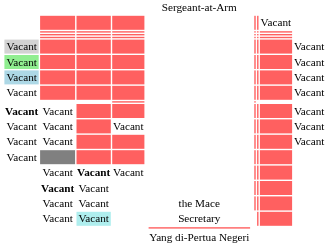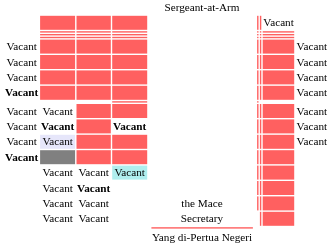 <table style="font-size:100%; text-align:center;">
 <tr>
 <td></td>
 <td></td>
 <td></td>
 <td></td>
 <td></td>
 <td colspan="2">Sergeant-at-Arm</td>
 <td></td>
 <td></td>
 <td></td>
 <td></td>
 <td></td>
 </tr>
 <tr>
 <td></td>
 <td bgcolor="#FF6060"></td>
 <td bgcolor="#FF6060"></td>
 <td bgcolor="#FF6060"></td>
 <td></td>
 <td></td>
 <td></td>
 <td></td>
 <td bgcolor="#FF6060"></td>
 <td bgcolor="#FF6060"></td>
 <td>Vacant</td>
 <td></td>
 </tr>
 <tr>
 <td></td>
 <td bgcolor="#FF6060"></td>
 <td bgcolor="#FF6060"></td>
 <td bgcolor="#FF6060"></td>
 <td></td>
 <td></td>
 <td></td>
 <td></td>
 <td bgcolor="#FF6060"></td>
 <td bgcolor="#FF6060"></td>
 <td bgcolor="#FF6060"></td>
 <td></td>
 </tr>
 <tr>
 <td></td>
 <td bgcolor="#FF6060"></td>
 <td bgcolor="#FF6060"></td>
 <td bgcolor="#FF6060"></td>
 <td></td>
 <td></td>
 <td></td>
 <td></td>
 <td bgcolor="#FF6060"></td>
 <td bgcolor="#FF6060"></td>
 <td bgcolor="#FF6060"></td>
 <td></td>
 </tr>
 <tr>
 <td></td>
 <td bgcolor="#FF6060"></td>
 <td bgcolor="#FF6060"></td>
 <td bgcolor="#FF6060"></td>
 <td></td>
 <td></td>
 <td></td>
 <td></td>
 <td bgcolor="#FF6060"></td>
 <td bgcolor="#FF6060"></td>
 <td bgcolor="#FF6060"></td>
 <td></td>
 </tr>
 <tr>
-<td style="background: lightgrey;">Vacant</td>
-<td bgcolor="#FF6060"></td>
-<td bgcolor="#FF6060"></td>
-<td bgcolor="#FF6060"></td>
-<td></td>
-<td></td>
-<td></td>
-<td></td>
-<td bgcolor="#FF6060"></td>
-<td bgcolor="#FF6060"></td>
-<td bgcolor="#FF6060"></td>
 <td>Vacant</td>
-</tr>
-<tr>
-<td style="background: lightgreen;">Vacant</td>
-<td bgcolor="#FF6060"></td>
-<td bgcolor="#FF6060"></td>
-<td bgcolor="#FF6060"></td>
-<td></td>
-<td></td>
-<td></td>
-<td></td>
-<td bgcolor="#FF6060"></td>
-<td bgcolor="#FF6060"></td>
-<td bgcolor="#FF6060"></td>
-<td>Vacant</td>
-</tr>
-<tr>
-<td style="background: lightblue;">Vacant</td>
 <td bgcolor="#FF6060"></td>
 <td bgcolor="#FF6060"></td>
 <td bgcolor="#FF6060"></td>
 <td></td>
 <td></td>
 <td></td>
 <td></td>
 <td bgcolor="#FF6060"></td>
 <td bgcolor="#FF6060"></td>
 <td bgcolor="#FF6060"></td>
 <td>Vacant</td>
 </tr>
 <tr>
 <td>Vacant</td>
 <td bgcolor="#FF6060"></td>
 <td bgcolor="#FF6060"></td>
 <td bgcolor="#FF6060"></td>
 <td></td>
 <td></td>
 <td></td>
 <td></td>
 <td bgcolor="#FF6060"></td>
 <td bgcolor="#FF6060"></td>
 <td bgcolor="#FF6060"></td>
 <td>Vacant</td>
 </tr>
 <tr>
+<td>Vacant</td>
+<td bgcolor="#FF6060"></td>
+<td bgcolor="#FF6060"></td>
+<td bgcolor="#FF6060"></td>
+<td></td>
+<td></td>
+<td></td>
+<td></td>
+<td bgcolor="#FF6060"></td>
+<td bgcolor="#FF6060"></td>
+<td bgcolor="#FF6060"></td>
+<td>Vacant</td>
+</tr>
+<tr>
+<td><strong>Vacant</strong></td>
+<td bgcolor="#FF6060"></td>
+<td bgcolor="#FF6060"></td>
+<td bgcolor="#FF6060"></td>
+<td></td>
+<td></td>
+<td></td>
+<td></td>
+<td bgcolor="#FF6060"></td>
+<td bgcolor="#FF6060"></td>
+<td bgcolor="#FF6060"></td>
+<td>Vacant</td>
+</tr>
+<tr>
 <td></td>
 <td></td>
 <td></td>
 <td bgcolor="#FF6060"></td>
 <td></td>
 <td></td>
 <td></td>
 <td></td>
 <td bgcolor="#FF6060"></td>
 <td></td>
 <td></td>
 <td></td>
-</tr>
-<tr>
-<td><strong>Vacant</strong></td>
-<td>Vacant</td>
-<td bgcolor="#FF6060"></td>
-<td bgcolor="#FF6060"></td>
-<td></td>
-<td></td>
-<td></td>
-<td></td>
-<td bgcolor="#FF6060"></td>
-<td bgcolor="#FF6060"></td>
-<td bgcolor="#FF6060"></td>
-<td>Vacant</td>
-</tr>
-<tr>
-<td>Vacant</td>
-<td>Vacant</td>
-<td bgcolor="#FF6060"></td>
-<td>Vacant</td>
-<td></td>
-<td></td>
-<td></td>
-<td></td>
-<td bgcolor="#FF6060"></td>
-<td bgcolor="#FF6060"></td>
-<td bgcolor="#FF6060"></td>
-<td>Vacant</td>
 </tr>
 <tr>
 <td>Vacant</td>
 <td>Vacant</td>
 <td bgcolor="#FF6060"></td>
 <td bgcolor="#FF6060"></td>
 <td></td>
 <td></td>
 <td></td>
 <td></td>
 <td bgcolor="#FF6060"></td>
 <td bgcolor="#FF6060"></td>
 <td bgcolor="#FF6060"></td>
 <td>Vacant</td>
 </tr>
 <tr>
 <td>Vacant</td>
+<td><strong>Vacant</strong></td>
+<td bgcolor="#FF6060"></td>
+<td><strong>Vacant</strong></td>
+<td></td>
+<td></td>
+<td></td>
+<td></td>
+<td bgcolor="#FF6060"></td>
+<td bgcolor="#FF6060"></td>
+<td bgcolor="#FF6060"></td>
+<td>Vacant</td>
+</tr>
+<tr>
+<td>Vacant</td>
+<td style="background: lavender;">Vacant</td>
+<td bgcolor="#FF6060"></td>
+<td bgcolor="#FF6060"></td>
+<td></td>
+<td></td>
+<td></td>
+<td></td>
+<td bgcolor="#FF6060"></td>
+<td bgcolor="#FF6060"></td>
+<td bgcolor="#FF6060"></td>
+<td>Vacant</td>
+</tr>
+<tr>
+<td><strong>Vacant</strong></td>
 <td bgcolor="#808080"></td>
 <td bgcolor="#FF6060"></td>
 <td bgcolor="#FF6060"></td>
 <td></td>
 <td></td>
 <td></td>
 <td></td>
 <td bgcolor="#FF6060"></td>
 <td bgcolor="#FF6060"></td>
 <td bgcolor="#FF6060"></td>
 <td></td>
 </tr>
 <tr>
 <td></td>
 <td>Vacant</td>
-<td><strong>Vacant</strong></td>
 <td>Vacant</td>
+<td style="background: paleturquoise;">Vacant</td>
 <td></td>
 <td></td>
 <td></td>
 <td></td>
 <td bgcolor="#FF6060"></td>
 <td bgcolor="#FF6060"></td>
 <td bgcolor="#FF6060"></td>
 <td></td>
 </tr>
 <tr>
 <td></td>
+<td>Vacant</td>
 <td><strong>Vacant</strong></td>
-<td>Vacant</td>
 <td bgcolor=></td>
 <td></td>
 <td></td>
 <td></td>
 <td></td>
 <td bgcolor="#FF6060"></td>
 <td bgcolor="#FF6060"></td>
 <td bgcolor="#FF6060"></td>
 <td></td>
 </tr>
 <tr>
 <td></td>
 <td>Vacant</td>
 <td>Vacant</td>
 <td bgcolor=></td>
 <td></td>
 <td colspan="2">the Mace</td>
 <td></td>
 <td bgcolor="#FF6060"></td>
 <td bgcolor="#FF6060"></td>
 <td bgcolor="#FF6060"></td>
 <td></td>
 </tr>
 <tr>
 <td></td>
 <td>Vacant</td>
-<td style="background: paleturquoise;">Vacant</td>
+<td>Vacant</td>
 <td></td>
 <td></td>
 <td colspan="2">Secretary</td>
 <td></td>
 <td></td>
 <td bgcolor="#FF6060"></td>
 <td bgcolor="#FF6060"></td>
 <td></td>
 </tr>
 <tr>
 <td></td>
 <td></td>
 <td></td>
 <td></td>
 <td></td>
 <td colspan="2" bgcolor="#FF6060"></td>
 <td></td>
 <td></td>
 <td></td>
 <td></td>
 <td></td>
 </tr>
 <tr>
 <td></td>
 <td></td>
 <td></td>
 <td></td>
 <td></td>
 <td colspan="2">Yang di-Pertua Negeri</td>
 <td></td>
 <td></td>
 <td></td>
 <td></td>
 <td></td>
 </tr>
 </table>
